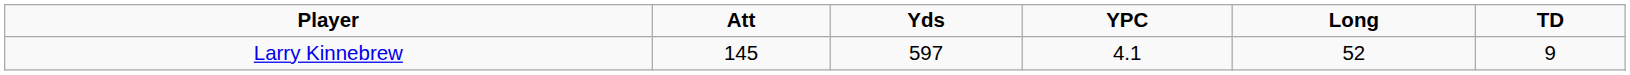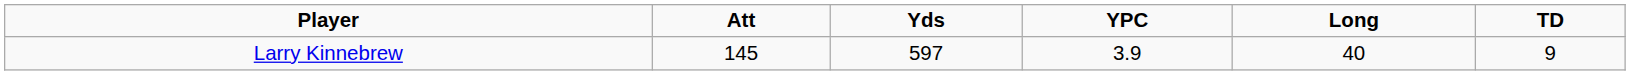 <table class="wikitable" width="80%">
 <tr align="center">
 <td><strong>Player</strong></td>
 <td><strong>Att</strong></td>
 <td><strong>Yds</strong></td>
 <td><strong>YPC</strong></td>
 <td><strong>Long</strong></td>
 <td><strong>TD</strong></td>
 </tr>
 <tr align="center" bgcolor="">
 <td><a href='#'>Larry Kinnebrew</a></td>
 <td>145</td>
 <td>597</td>
-<td>4.1</td>
-<td>52</td>
+<td>3.9</td>
+<td>40</td>
 <td>9</td>
 </tr>
 </table>
